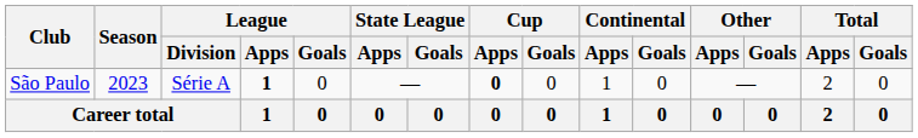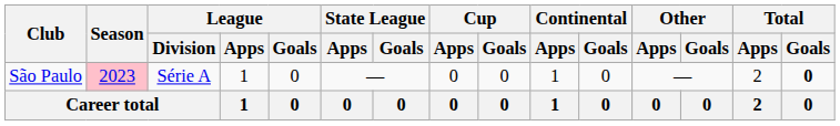 <table class="wikitable" style="text-align: center">
 <tr>
 <th rowspan="2">Club</th>
 <th rowspan="2">Season</th>
 <th colspan="3">League</th>
 <th colspan="2">State League</th>
 <th colspan="2">Cup</th>
 <th colspan="2">Continental</th>
 <th colspan="2">Other</th>
 <th colspan="2">Total</th>
 </tr>
 <tr>
 <th>Division</th>
 <th>Apps</th>
 <th>Goals</th>
 <th>Apps</th>
 <th>Goals</th>
 <th>Apps</th>
 <th>Goals</th>
 <th>Apps</th>
 <th>Goals</th>
 <th>Apps</th>
 <th>Goals</th>
 <th>Apps</th>
 <th>Goals</th>
 </tr>
 <tr>
 <td><a href='#'>São Paulo</a></td>
-<td><a href='#'>2023</a></td>
+<td style="background: pink;"><a href='#'>2023</a></td>
 <td><a href='#'>Série A</a></td>
-<td><strong>1</strong></td>
+<td>1</td>
 <td>0</td>
 <td colspan="2">—</td>
-<td><strong>0</strong></td>
+<td>0</td>
 <td>0</td>
 <td>1</td>
 <td>0</td>
 <td colspan="2">—</td>
 <td>2</td>
-<td>0</td>
+<td><strong>0</strong></td>
 </tr>
 <tr>
 <th colspan="3"><strong>Career total</strong></th>
 <th>1</th>
 <th>0</th>
 <th>0</th>
 <th>0</th>
 <th>0</th>
 <th>0</th>
 <th>1</th>
 <th>0</th>
 <th>0</th>
 <th>0</th>
 <th>2</th>
 <th>0</th>
 </tr>
 </table>
